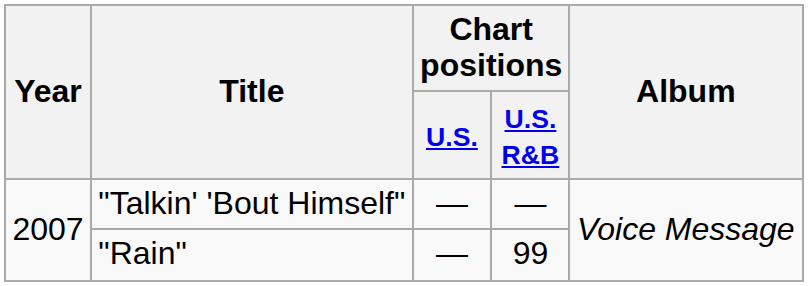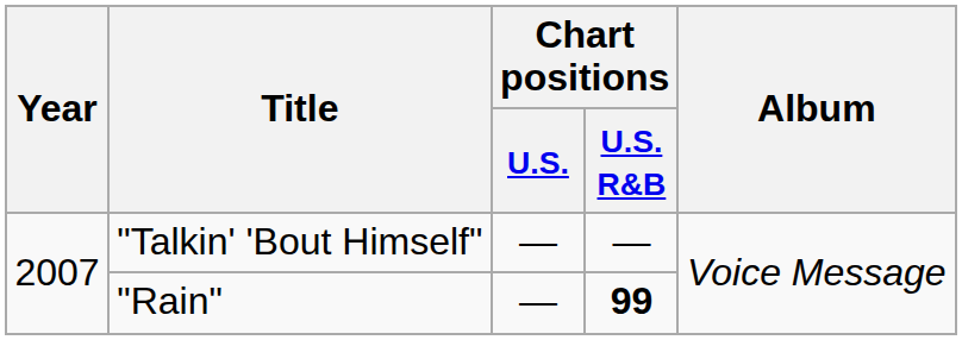 <table class="wikitable">
 <tr>
 <th rowspan="2">Year</th>
 <th rowspan="2">Title</th>
 <th colspan="2">Chart positions</th>
 <th rowspan="2">Album</th>
 </tr>
 <tr>
 <th width="30"><small><a href='#'>U.S.</a></small></th>
 <th width="30"><small><a href='#'>U.S.<br>R&B</a></small><br></th>
 </tr>
 <tr>
 <td align="center" rowspan="2">2007</td>
 <td>"Talkin' 'Bout Himself"</td>
 <td align="center">—</td>
 <td align="center">—</td>
 <td rowspan="2"><em>Voice Message</em></td>
 </tr>
 <tr>
 <td>"Rain"</td>
 <td align="center">—</td>
-<td align="center">99</td>
+<td align="center"><strong>99</strong></td>
 </tr>
 </table>
